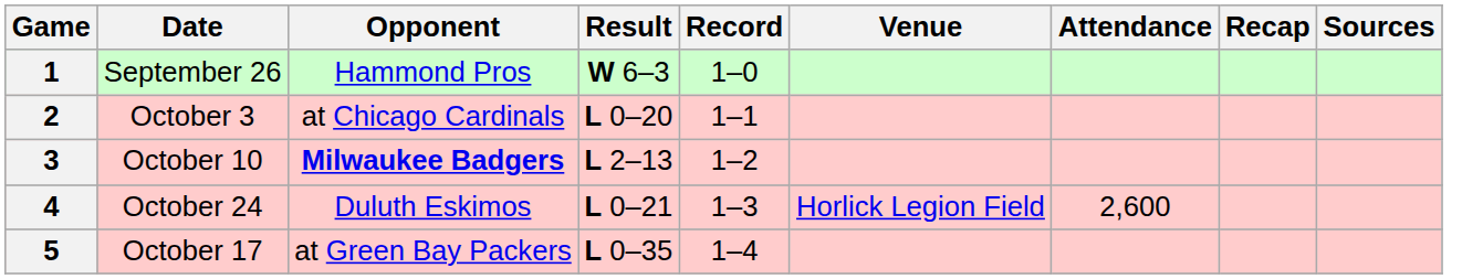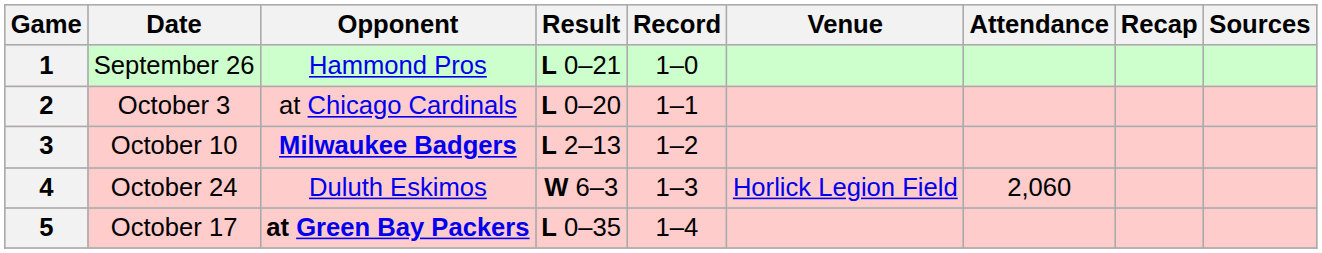 <table class="wikitable" style="text-align:center">
 <tr>
 <th>Game</th>
 <th>Date</th>
 <th>Opponent</th>
 <th>Result</th>
 <th>Record</th>
 <th>Venue</th>
 <th>Attendance</th>
 <th>Recap</th>
 <th>Sources</th>
 </tr>
 <tr style="background:#cfc">
 <th>1</th>
 <td>September 26</td>
 <td><a href='#'>Hammond Pros</a></td>
-<td><strong>W</strong> 6–3</td>
+<td><strong>L</strong> 0–21</td>
 <td>1–0</td>
 <td></td>
 <td></td>
 <td></td>
 <td></td>
 </tr>
 <tr style="background:#fcc">
 <th>2</th>
 <td>October 3</td>
 <td>at <a href='#'>Chicago Cardinals</a></td>
 <td><strong>L</strong> 0–20</td>
 <td>1–1</td>
 <td></td>
 <td></td>
 <td></td>
 <td></td>
 </tr>
 <tr style="background:#fcc">
 <th>3</th>
 <td>October 10</td>
 <td><strong><a href='#'>Milwaukee Badgers</a></strong></td>
 <td><strong>L</strong> 2–13</td>
 <td>1–2</td>
 <td></td>
 <td></td>
 <td></td>
 <td></td>
 </tr>
 <tr style="background:#fcc">
 <th>4</th>
 <td>October 24</td>
 <td><a href='#'>Duluth Eskimos</a></td>
-<td><strong>L</strong> 0–21</td>
+<td><strong>W</strong> 6–3</td>
 <td>1–3</td>
 <td><a href='#'>Horlick Legion Field</a></td>
-<td>2,600</td>
+<td>2,060</td>
 <td></td>
 <td></td>
 </tr>
 <tr style="background:#fcc">
 <th>5</th>
 <td>October 17</td>
-<td>at <a href='#'>Green Bay Packers</a></td>
+<td><strong>at <a href='#'>Green Bay Packers</a></strong></td>
 <td><strong>L</strong> 0–35</td>
 <td>1–4</td>
 <td></td>
 <td></td>
 <td></td>
 <td></td>
 </tr>
 </table>
